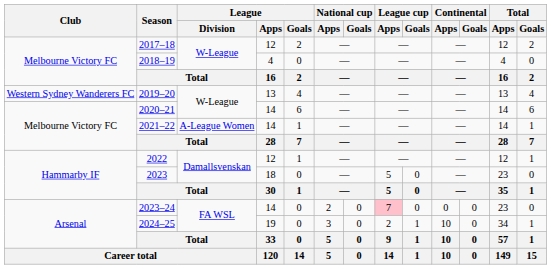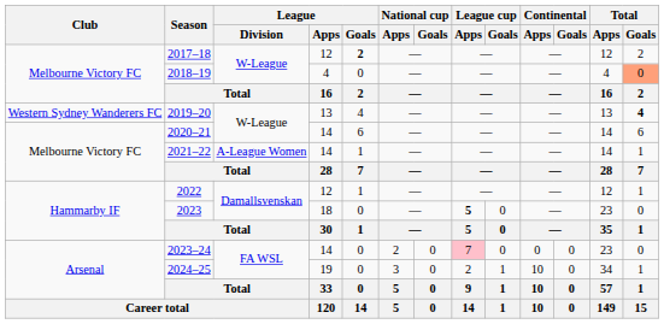 <table class="wikitable" style="text-align:center">
 <tr>
 <th rowspan="2">Club</th>
 <th rowspan="2">Season</th>
 <th colspan="3">League</th>
 <th colspan="2">National cup</th>
 <th colspan="2">League cup</th>
 <th colspan="2">Continental</th>
 <th colspan="2">Total</th>
 </tr>
 <tr>
 <th>Division</th>
 <th>Apps</th>
 <th>Goals</th>
 <th>Apps</th>
 <th>Goals</th>
 <th>Apps</th>
 <th>Goals</th>
 <th>Apps</th>
 <th>Goals</th>
 <th>Apps</th>
 <th>Goals</th>
 </tr>
 <tr>
 <td rowspan="3"><a href='#'>Melbourne Victory FC</a></td>
 <td><a href='#'>2017–18</a></td>
 <td rowspan="2"><a href='#'>W-League</a></td>
 <td>12</td>
-<td>2</td>
+<td><strong>2</strong></td>
 <td colspan="2">—</td>
 <td colspan="2">—</td>
 <td colspan="2">—</td>
 <td>12</td>
 <td>2</td>
 </tr>
 <tr>
 <td><a href='#'>2018–19</a></td>
 <td>4</td>
 <td>0</td>
 <td colspan="2">—</td>
 <td colspan="2">—</td>
 <td colspan="2">—</td>
 <td>4</td>
-<td>0</td>
+<td style="background: lightsalmon;">0</td>
 </tr>
 <tr>
 <th colspan="2">Total</th>
 <th>16</th>
 <th>2</th>
 <th colspan="2">—</th>
 <th colspan="2">—</th>
 <th colspan="2">—</th>
 <th>16</th>
 <th>2</th>
 </tr>
 <tr>
 <td><a href='#'>Western Sydney Wanderers FC</a></td>
 <td><a href='#'>2019–20</a></td>
 <td rowspan="2">W-League</td>
 <td>13</td>
 <td>4</td>
 <td colspan="2">—</td>
 <td colspan="2">—</td>
 <td colspan="2">—</td>
 <td>13</td>
-<td>4</td>
+<td><strong>4</strong></td>
 </tr>
 <tr>
 <td rowspan="3">Melbourne Victory FC</td>
 <td><a href='#'>2020–21</a></td>
 <td>14</td>
 <td>6</td>
 <td colspan="2">—</td>
 <td colspan="2">—</td>
 <td colspan="2">—</td>
 <td>14</td>
 <td>6</td>
 </tr>
 <tr>
 <td><a href='#'>2021–22</a></td>
 <td><a href='#'>A-League Women</a></td>
 <td>14</td>
 <td>1</td>
 <td colspan="2">—</td>
 <td colspan="2">—</td>
 <td colspan="2">—</td>
 <td>14</td>
 <td>1</td>
 </tr>
 <tr>
 <th colspan="2">Total</th>
 <th>28</th>
 <th>7</th>
 <th colspan="2">—</th>
 <th colspan="2">—</th>
 <th colspan="2">—</th>
 <th>28</th>
 <th>7</th>
 </tr>
 <tr>
 <td rowspan="3"><a href='#'>Hammarby IF</a></td>
 <td><a href='#'>2022</a></td>
 <td rowspan="2"><a href='#'>Damallsvenskan</a></td>
 <td>12</td>
 <td>1</td>
 <td colspan="2">—</td>
 <td colspan="2">—</td>
 <td colspan="2">—</td>
 <td>12</td>
 <td>1</td>
 </tr>
 <tr>
 <td><a href='#'>2023</a></td>
 <td>18</td>
 <td>0</td>
 <td colspan="2">—</td>
-<td>5</td>
+<td><strong>5</strong></td>
 <td>0</td>
 <td colspan="2">—</td>
 <td>23</td>
 <td>0</td>
 </tr>
 <tr>
 <th colspan="2">Total</th>
 <th>30</th>
 <th>1</th>
 <th colspan="2">—</th>
 <th>5</th>
 <th>0</th>
 <th colspan="2">—</th>
 <th>35</th>
 <th>1</th>
 </tr>
 <tr>
 <td rowspan="3"><a href='#'>Arsenal</a></td>
 <td><a href='#'>2023–24</a></td>
 <td rowspan="2"><a href='#'>FA WSL</a></td>
 <td>14</td>
 <td>0</td>
 <td>2</td>
 <td>0</td>
 <td style="background: pink;">7</td>
 <td>0</td>
 <td>0</td>
 <td>0</td>
 <td>23</td>
 <td>0</td>
 </tr>
 <tr>
 <td><a href='#'>2024–25</a></td>
 <td>19</td>
 <td>0</td>
 <td>3</td>
 <td>0</td>
 <td>2</td>
 <td>1</td>
 <td>10</td>
 <td>0</td>
 <td>34</td>
 <td>1</td>
 </tr>
 <tr>
 <th colspan="2">Total</th>
 <th>33</th>
 <th>0</th>
 <th>5</th>
 <th>0</th>
 <th>9</th>
 <th>1</th>
 <th>10</th>
 <th>0</th>
 <th>57</th>
 <th>1</th>
 </tr>
 <tr>
 <th colspan="3">Career total</th>
 <th>120</th>
 <th>14</th>
 <th>5</th>
 <th>0</th>
 <th>14</th>
 <th>1</th>
 <th>10</th>
 <th>0</th>
 <th>149</th>
 <th>15</th>
 </tr>
 </table>
